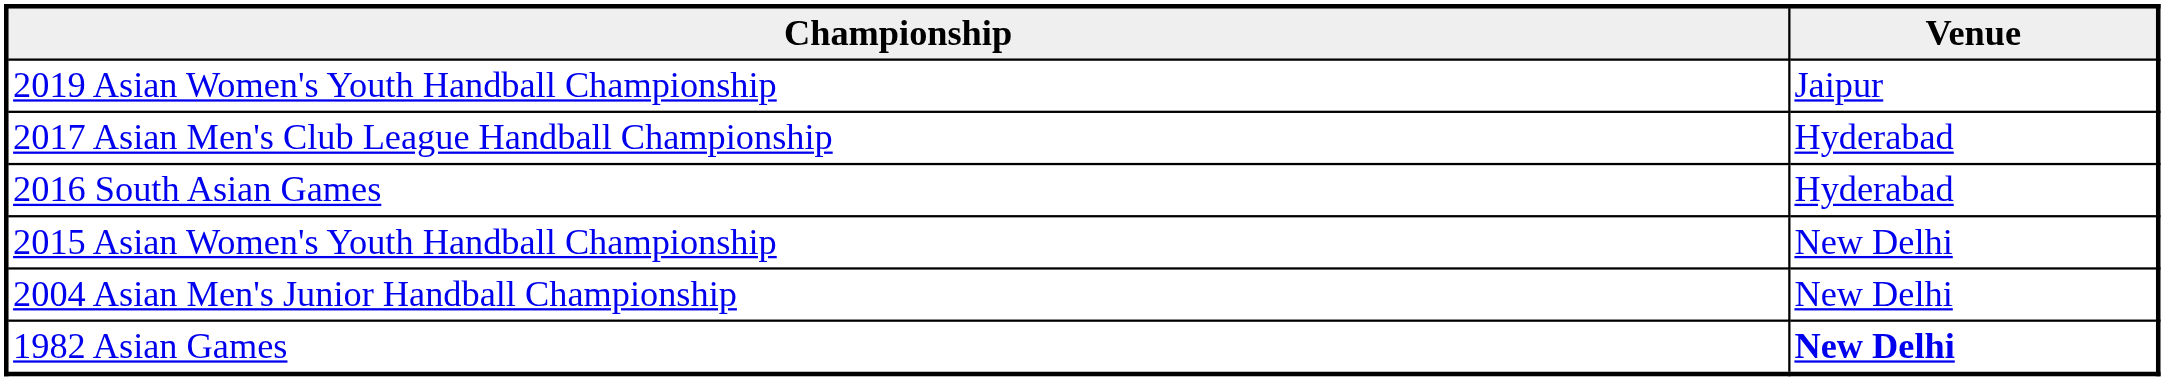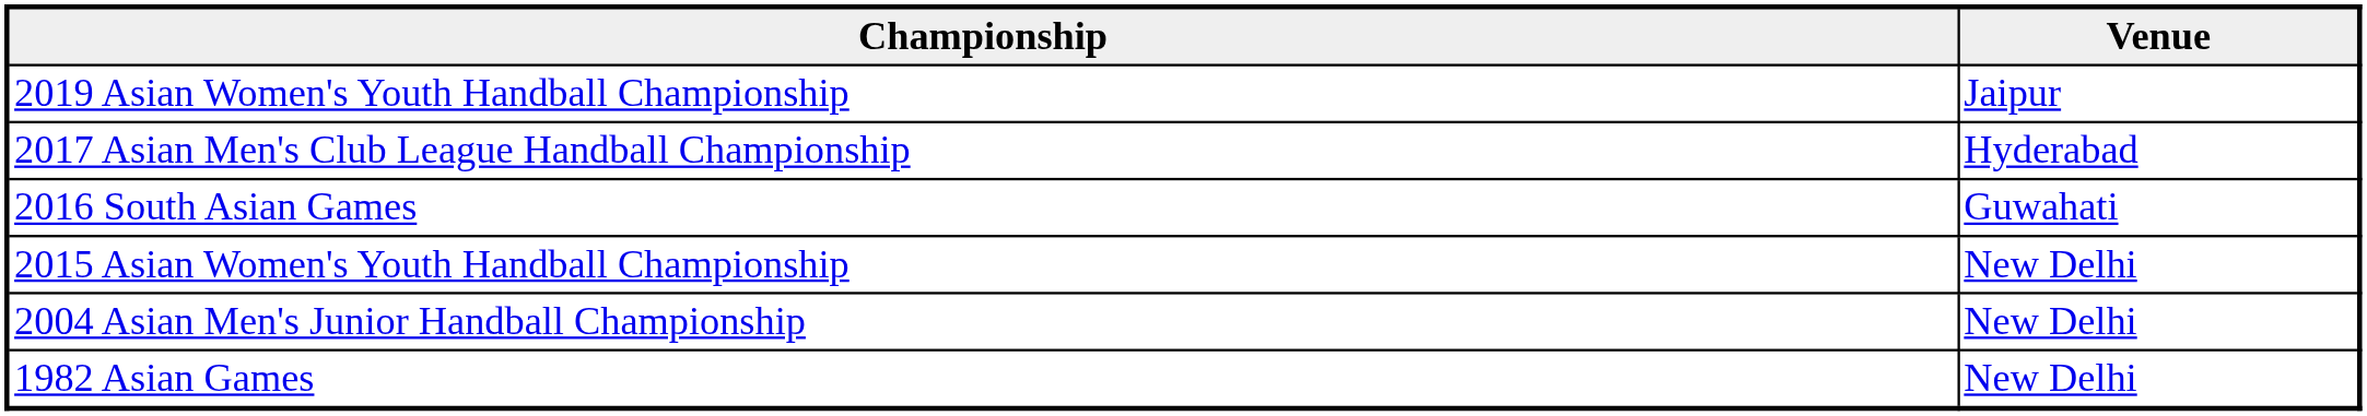 <table class="sortable" style="border-collapse: collapse; border: 2px #000000 solid; font-size: x-big; font-family: verdana" width="60%" cellspacing="0" cellpadding="2" border="1">
 <tr bgcolor="efefef" align="center">
 <th>Championship</th>
 <th>Venue</th>
 </tr>
 <tr>
 <td><a href='#'>2019 Asian Women's Youth Handball Championship</a></td>
 <td><a href='#'>Jaipur</a></td>
 </tr>
 <tr>
 <td><a href='#'>2017 Asian Men's Club League Handball Championship</a></td>
 <td><a href='#'>Hyderabad</a></td>
 </tr>
 <tr>
 <td><a href='#'>2016 South Asian Games</a></td>
-<td><a href='#'>Hyderabad</a></td>
+<td><a href='#'>Guwahati</a></td>
 </tr>
 <tr>
 <td><a href='#'>2015 Asian Women's Youth Handball Championship</a></td>
 <td><a href='#'>New Delhi</a></td>
 </tr>
 <tr>
 <td><a href='#'>2004 Asian Men's Junior Handball Championship</a></td>
 <td><a href='#'>New Delhi</a></td>
 </tr>
 <tr>
 <td><a href='#'>1982 Asian Games</a></td>
-<td><strong><a href='#'>New Delhi</a></strong></td>
+<td><a href='#'>New Delhi</a></td>
 </tr>
 </table>
